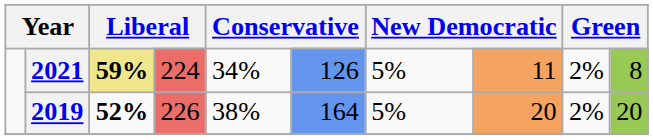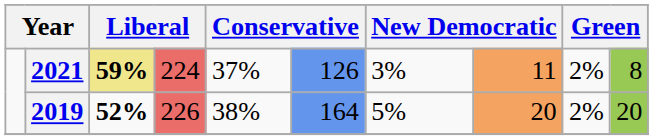 <table class="wikitable" style="width:400; font-size:90%; margin-left:1em;">
 <tr>
 <th colspan="2" scope="col">Year</th>
 <th colspan="2" scope="col"><a href='#'>Liberal</a></th>
 <th colspan="2" scope="col"><a href='#'>Conservative</a></th>
 <th colspan="2" scope="col"><a href='#'>New Democratic</a></th>
 <th colspan="2" scope="col"><a href='#'>Green</a></th>
 </tr>
 <tr>
 <td rowspan="2" style="width: 0.25em; background-color: "></td>
 <th><a href='#'>2021</a></th>
 <td style="background: khaki;"><strong>59%</strong></td>
 <td style="text-align:right; background:#EA6D6A;">224</td>
-<td>34%</td>
+<td>37%</td>
 <td style="text-align:right; background:#6495ED;">126</td>
-<td>5%</td>
+<td>3%</td>
 <td style="text-align:right; background:#F4A460;">11</td>
 <td>2%</td>
 <td style="text-align:right; background:#99C955;">8</td>
 </tr>
 <tr>
 <th><a href='#'>2019</a></th>
 <td><strong>52%</strong></td>
 <td style="text-align:right; background:#EA6D6A;">226</td>
 <td>38%</td>
 <td style="text-align:right; background:#6495ED;">164</td>
 <td>5%</td>
 <td style="text-align:right; background:#F4A460;">20</td>
 <td>2%</td>
 <td style="text-align:right; background:#99C955;">20</td>
 </tr>
 <tr>
 </tr>
 </table>
